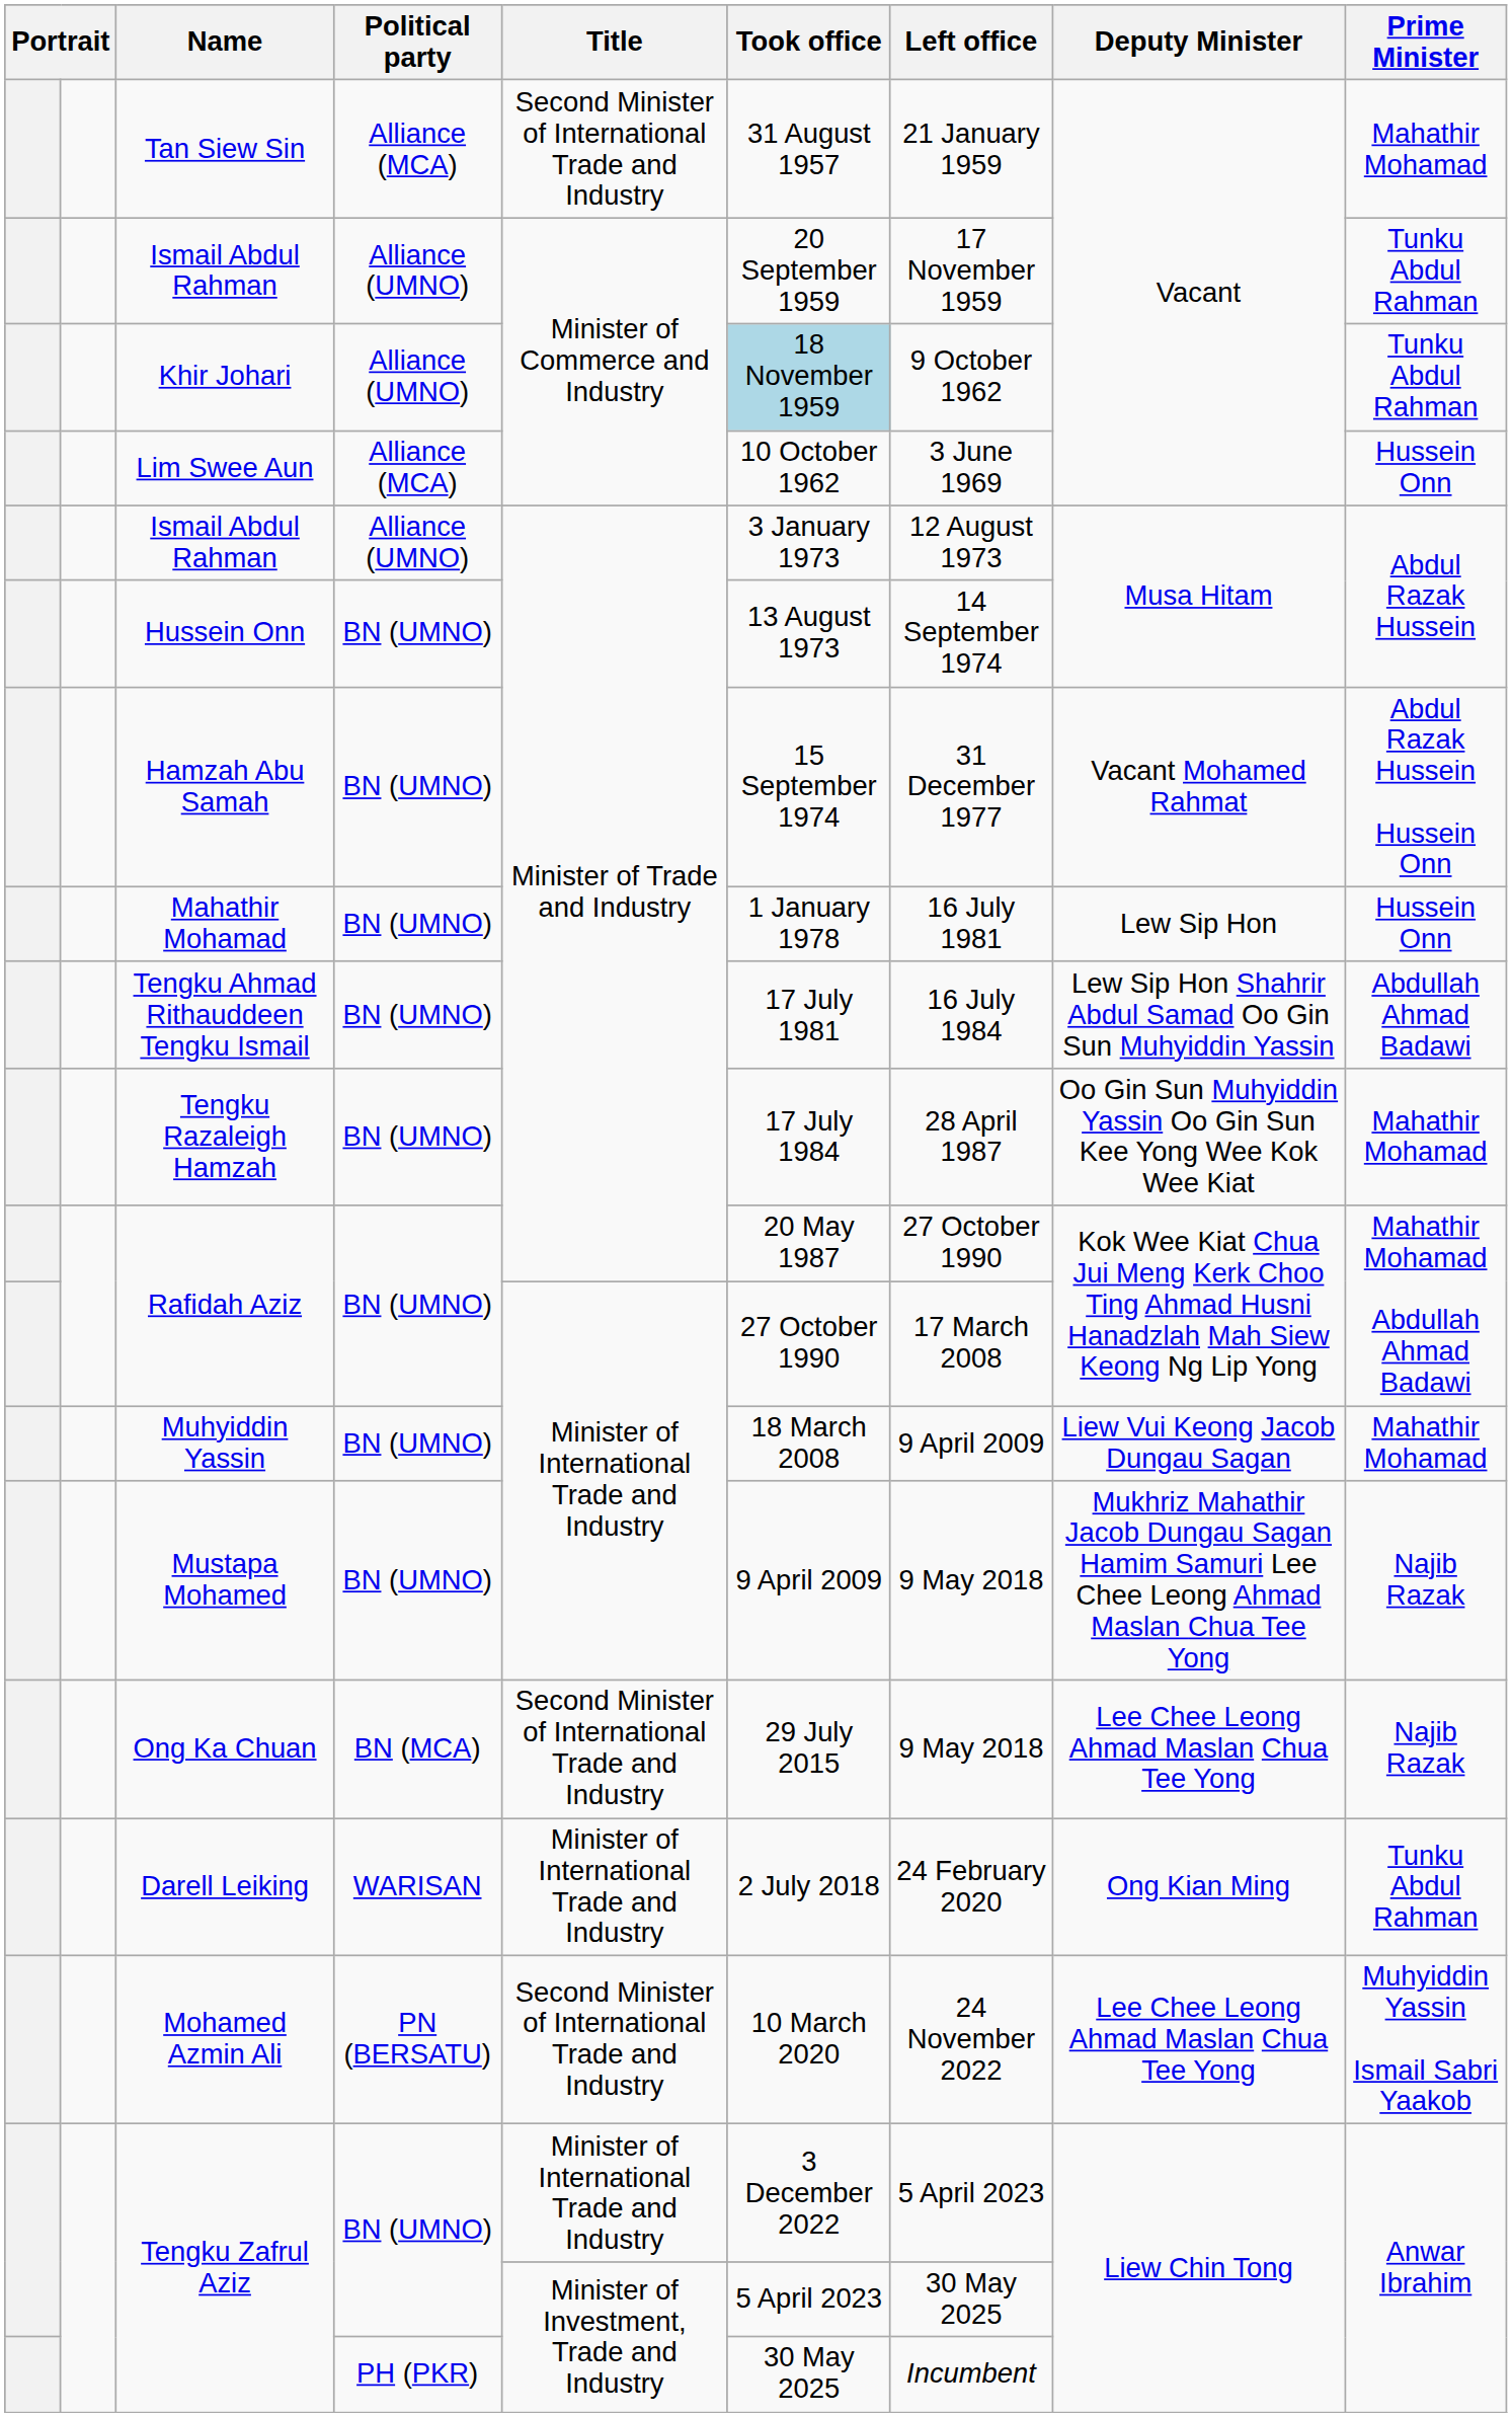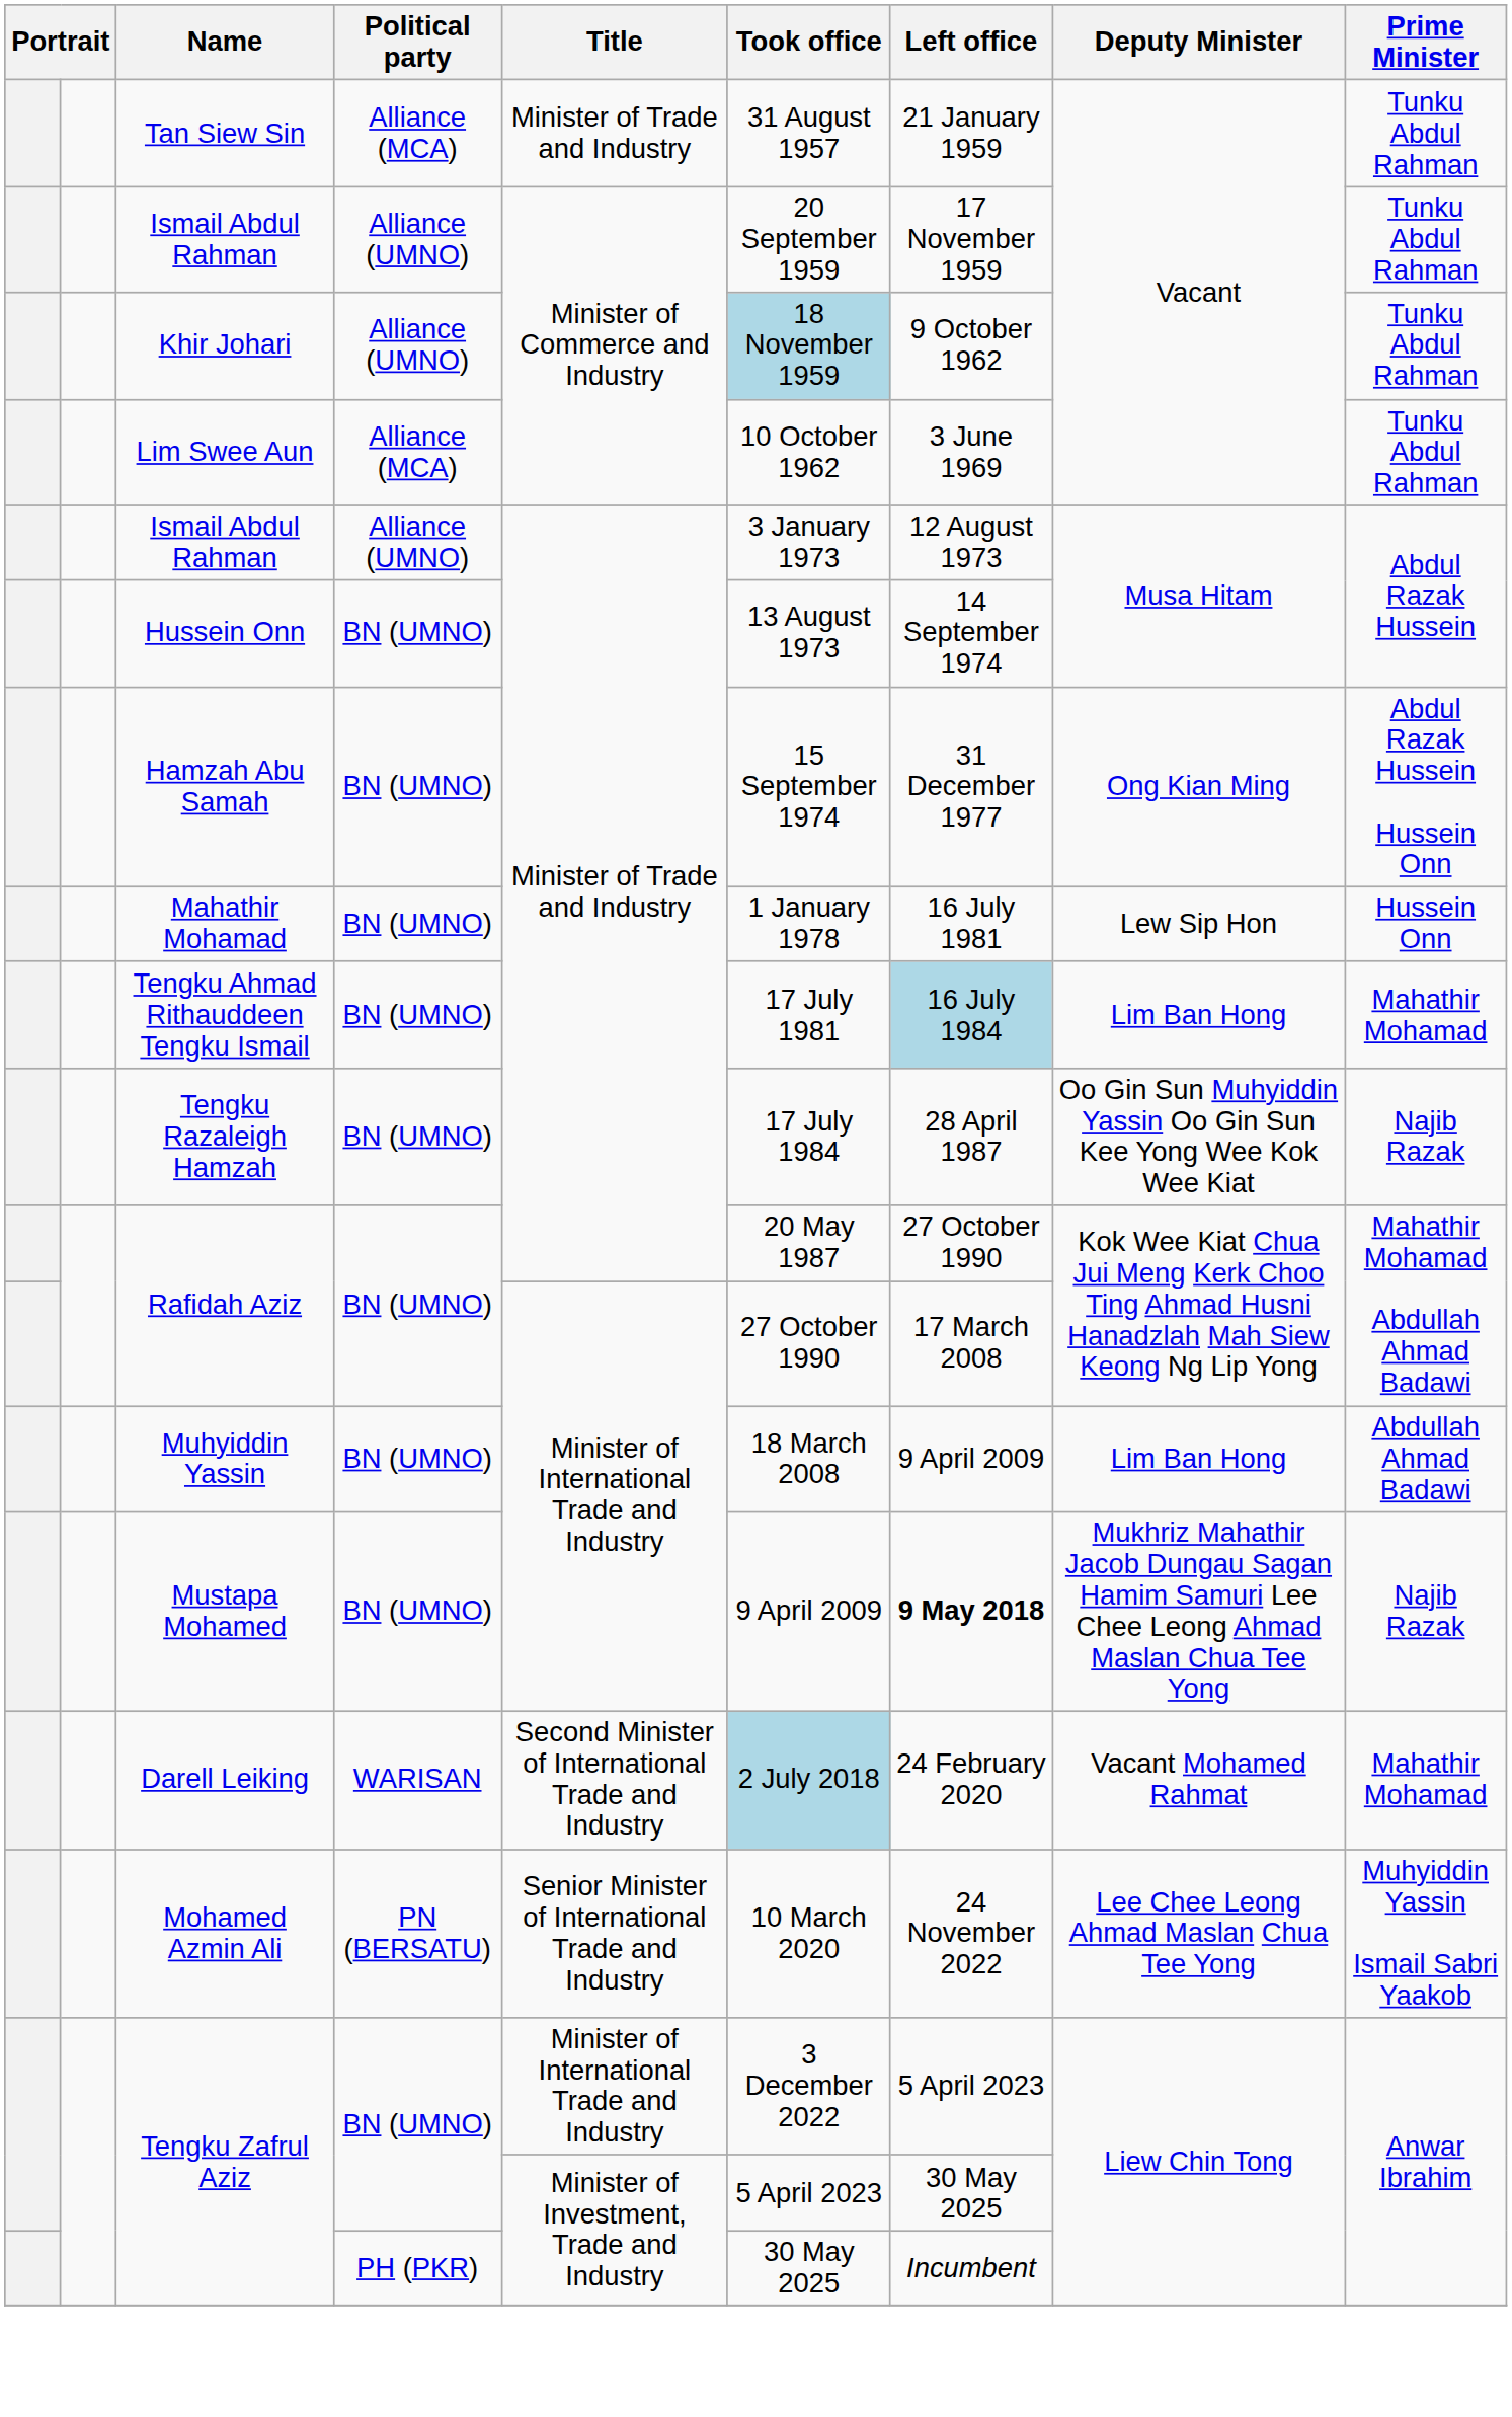 <table class="wikitable" style="text-align:center;">
 <tr>
 <th colspan=2>Portrait</th>
 <th>Name<br></th>
 <th>Political party</th>
 <th>Title</th>
 <th>Took office</th>
 <th>Left office</th>
 <th>Deputy Minister</th>
 <th><a href='#'>Prime Minister</a><br></th>
 </tr>
 <tr>
 <th style="background:"></th>
 <td></td>
 <td><a href='#'>Tan Siew Sin</a><br></td>
 <td><a href='#'>Alliance</a> (<a href='#'>MCA</a>)</td>
-<td>Second Minister of International Trade and Industry</td>
+<td>Minister of Trade and Industry</td>
 <td>31 August 1957</td>
 <td>21 January 1959</td>
 <td rowspan="4">Vacant</td>
-<td><a href='#'>Mahathir Mohamad</a><br></td>
+<td><a href='#'>Tunku Abdul Rahman</a><br></td>
 </tr>
 <tr>
 <th style="background:"></th>
 <td></td>
 <td><a href='#'>Ismail Abdul Rahman</a><br></td>
 <td><a href='#'>Alliance</a> (<a href='#'>UMNO</a>)</td>
 <td rowspan=3>Minister of Commerce and Industry</td>
 <td>20 September 1959</td>
 <td>17 November 1959</td>
 <td><a href='#'>Tunku Abdul Rahman</a><br></td>
 </tr>
 <tr>
 <th style="background:"></th>
 <td></td>
 <td><a href='#'>Khir Johari</a><br></td>
 <td><a href='#'>Alliance</a> (<a href='#'>UMNO</a>)</td>
 <td style="background: lightblue;">18 November 1959</td>
 <td>9 October 1962</td>
 <td><a href='#'>Tunku Abdul Rahman</a><br></td>
 </tr>
 <tr>
 <th style="background:"></th>
 <td></td>
 <td><a href='#'>Lim Swee Aun</a><br></td>
 <td><a href='#'>Alliance</a> (<a href='#'>MCA</a>)</td>
 <td>10 October 1962</td>
 <td>3 June 1969</td>
-<td><a href='#'>Hussein Onn</a><br></td>
+<td><a href='#'>Tunku Abdul Rahman</a><br></td>
 </tr>
 <tr>
 <th style="background:"></th>
 <td></td>
 <td><a href='#'>Ismail Abdul Rahman</a><br></td>
 <td><a href='#'>Alliance</a> (<a href='#'>UMNO</a>)</td>
 <td rowspan=7>Minister of Trade and Industry</td>
 <td>3 January 1973</td>
 <td>12 August 1973</td>
 <td rowspan="2"><a href='#'>Musa Hitam</a></td>
 <td rowspan="2"><a href='#'>Abdul Razak Hussein</a><br></td>
 </tr>
 <tr>
 <th style="background:"></th>
 <td></td>
 <td><a href='#'>Hussein Onn</a><br></td>
 <td><a href='#'>BN</a> (<a href='#'>UMNO</a>)</td>
 <td>13 August 1973</td>
 <td>14 September 1974</td>
 </tr>
 <tr>
 <th style="background:"></th>
 <td></td>
 <td><a href='#'>Hamzah Abu Samah</a><br></td>
 <td><a href='#'>BN</a> (<a href='#'>UMNO</a>)</td>
 <td>15 September 1974</td>
 <td>31 December 1977</td>
-<td>Vacant <a href='#'>Mohamed Rahmat</a> </td>
+<td><a href='#'>Ong Kian Ming</a></td>
 <td><a href='#'>Abdul Razak Hussein</a><br><br><a href='#'>Hussein Onn</a><br></td>
 </tr>
 <tr>
 <th style="background:"></th>
 <td></td>
 <td><a href='#'>Mahathir Mohamad</a><br></td>
 <td><a href='#'>BN</a> (<a href='#'>UMNO</a>)</td>
 <td>1 January 1978</td>
 <td>16 July 1981</td>
 <td>Lew Sip Hon</td>
 <td><a href='#'>Hussein Onn</a><br></td>
 </tr>
 <tr>
 <th style="background:"></th>
 <td></td>
 <td><a href='#'>Tengku Ahmad Rithauddeen Tengku Ismail</a><br></td>
 <td><a href='#'>BN</a> (<a href='#'>UMNO</a>)</td>
 <td>17 July 1981</td>
-<td>16 July 1984</td>
-<td>Lew Sip Hon <a href='#'>Shahrir Abdul Samad</a>  Oo Gin Sun <a href='#'>Muhyiddin Yassin</a> </td>
-<td><a href='#'>Abdullah Ahmad Badawi</a><br></td>
+<td style="background: lightblue;">16 July 1984</td>
+<td><a href='#'>Lim Ban Hong</a></td>
+<td><a href='#'>Mahathir Mohamad</a><br></td>
 </tr>
 <tr>
 <th style="background:"></th>
 <td></td>
 <td><a href='#'>Tengku Razaleigh Hamzah</a><br></td>
 <td><a href='#'>BN</a> (<a href='#'>UMNO</a>)</td>
 <td>17 July 1984</td>
 <td>28 April 1987</td>
 <td>Oo Gin Sun <a href='#'>Muhyiddin Yassin</a>  Oo Gin Sun Kee Yong Wee  Kok Wee Kiat </td>
-<td><a href='#'>Mahathir Mohamad</a><br></td>
+<td><a href='#'>Najib Razak</a><br></td>
 </tr>
 <tr>
 <th style="background:"></th>
 <td rowspan=2></td>
 <td rowspan=2><a href='#'>Rafidah Aziz</a><br></td>
 <td rowspan=2><a href='#'>BN</a> (<a href='#'>UMNO</a>)</td>
 <td>20 May 1987</td>
 <td>27 October 1990</td>
 <td rowspan="2">Kok Wee Kiat  <a href='#'>Chua Jui Meng</a>  <a href='#'>Kerk Choo Ting</a>  <a href='#'>Ahmad Husni Hanadzlah</a>  <a href='#'>Mah Siew Keong</a> Ng Lip Yong </td>
 <td rowspan="2"><a href='#'>Mahathir Mohamad</a><br><br><a href='#'>Abdullah Ahmad Badawi</a><br></td>
 </tr>
 <tr>
 <th style="background:"></th>
 <td rowspan=3>Minister of International Trade and Industry</td>
 <td>27 October 1990</td>
 <td>17 March 2008</td>
 </tr>
 <tr>
 <th style="background:"></th>
 <td></td>
 <td><a href='#'>Muhyiddin Yassin</a><br></td>
 <td><a href='#'>BN</a> (<a href='#'>UMNO</a>)</td>
 <td>18 March 2008</td>
 <td>9 April 2009</td>
-<td><a href='#'>Liew Vui Keong</a> <a href='#'>Jacob Dungau Sagan</a> </td>
-<td><a href='#'>Mahathir Mohamad</a><br></td>
+<td><a href='#'>Lim Ban Hong</a></td>
+<td><a href='#'>Abdullah Ahmad Badawi</a><br></td>
 </tr>
 <tr>
 <th style="background:"></th>
 <td></td>
 <td><a href='#'>Mustapa Mohamed</a><br></td>
 <td><a href='#'>BN</a> (<a href='#'>UMNO</a>)</td>
 <td>9 April 2009</td>
-<td>9 May 2018</td>
+<td><strong>9 May 2018</strong></td>
 <td><a href='#'>Mukhriz Mahathir</a> <a href='#'>Jacob Dungau Sagan</a>  <a href='#'>Hamim Samuri</a> Lee Chee Leong <a href='#'>Ahmad Maslan </a><a href='#'>Chua Tee Yong</a> </td>
-<td><a href='#'>Najib Razak</a><br></td>
-</tr>
-<tr>
-<th style="background:"></th>
-<td></td>
-<td><a href='#'>Ong Ka Chuan</a><br></td>
-<td><a href='#'>BN</a> (<a href='#'>MCA</a>)</td>
-<td>Second Minister of International Trade and Industry</td>
-<td>29 July 2015</td>
-<td>9 May 2018</td>
-<td><a href='#'>Lee Chee Leong</a> <a href='#'>Ahmad Maslan</a> <a href='#'>Chua Tee Yong</a> </td>
 <td><a href='#'>Najib Razak</a><br></td>
 </tr>
 <tr>
 <th style="background:"></th>
 <td></td>
 <td><a href='#'>Darell Leiking</a><br></td>
 <td><a href='#'>WARISAN</a></td>
-<td>Minister of International Trade and Industry</td>
-<td>2 July 2018</td>
+<td>Second Minister of International Trade and Industry</td>
+<td style="background: lightblue;">2 July 2018</td>
 <td>24 February 2020</td>
-<td><a href='#'>Ong Kian Ming</a></td>
-<td><a href='#'>Tunku Abdul Rahman</a><br></td>
+<td>Vacant <a href='#'>Mohamed Rahmat</a> </td>
+<td><a href='#'>Mahathir Mohamad</a><br></td>
 </tr>
 <tr>
 <th style="background:"></th>
 <td></td>
 <td><a href='#'>Mohamed Azmin Ali</a><br></td>
 <td><a href='#'>PN</a> (<a href='#'>BERSATU</a>)</td>
-<td>Second Minister of International Trade and Industry</td>
+<td>Senior Minister of International Trade and Industry</td>
 <td>10 March 2020</td>
 <td>24 November 2022</td>
 <td><a href='#'>Lee Chee Leong</a> <a href='#'>Ahmad Maslan</a> <a href='#'>Chua Tee Yong</a> </td>
 <td><a href='#'>Muhyiddin Yassin</a><br><br><a href='#'>Ismail Sabri Yaakob</a><br></td>
 </tr>
 <tr>
 <th rowspan="2" style="background:"></th>
 <td rowspan="3"></td>
 <td rowspan="3"><a href='#'>Tengku Zafrul Aziz</a><br></td>
 <td rowspan="2"><a href='#'>BN</a> (<a href='#'>UMNO</a>)</td>
 <td>Minister of International Trade and Industry</td>
 <td>3 December 2022</td>
 <td>5 April 2023</td>
 <td rowspan="3"><a href='#'>Liew Chin Tong</a></td>
 <td rowspan="3"><a href='#'>Anwar Ibrahim</a><br></td>
 </tr>
 <tr>
 <td rowspan=2>Minister of Investment, Trade and Industry</td>
 <td>5 April 2023</td>
 <td>30 May 2025</td>
 </tr>
 <tr>
 <th style="background:"></th>
 <td><a href='#'>PH</a> (<a href='#'>PKR</a>)</td>
 <td>30 May 2025</td>
 <td><em>Incumbent</em></td>
 </tr>
 <tr>
 </tr>
 </table>
